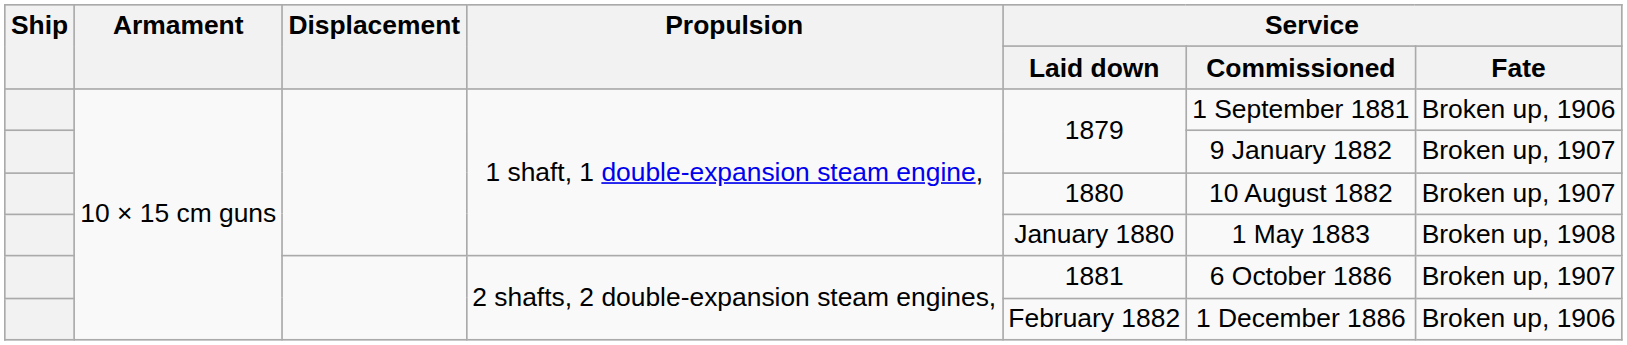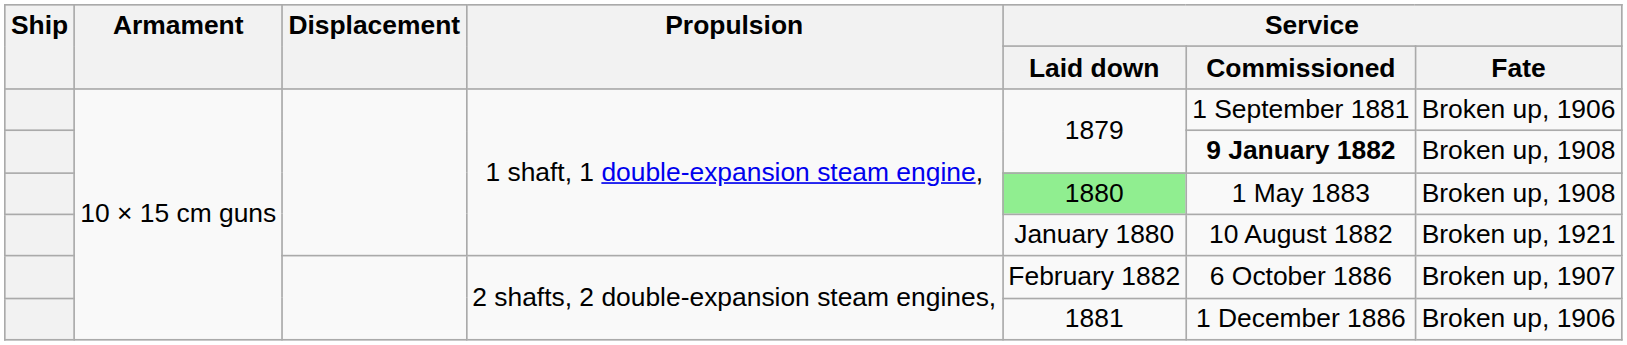 <table class="wikitable plainrowheaders" style="text-align: center;">
 <tr valign="top">
 <th scope="col" rowspan="2">Ship</th>
 <th scope="col" rowspan="2">Armament</th>
 <th scope="col" rowspan="2">Displacement</th>
 <th scope="col" rowspan="2">Propulsion</th>
 <th scope="col" colspan="3">Service</th>
 </tr>
 <tr valign="top">
 <th scope="col">Laid down</th>
 <th scope="col">Commissioned</th>
 <th scope="col">Fate</th>
 </tr>
 <tr valign="center">
 <th scope="row"></th>
 <td rowspan="6">10 × 15 cm guns</td>
 <td rowspan="4"></td>
 <td rowspan="4">1 shaft, 1 <a href='#'>double-expansion steam engine</a>, </td>
 <td rowspan=2>1879</td>
 <td>1 September 1881</td>
 <td>Broken up, 1906</td>
 </tr>
 <tr valign="center">
 <th scope="row"></th>
-<td>9 January 1882</td>
-<td>Broken up, 1907</td>
+<td><strong>9 January 1882</strong></td>
+<td>Broken up, 1908</td>
 </tr>
 <tr valign="center">
 <th scope="row"></th>
-<td>1880</td>
-<td>10 August 1882</td>
-<td>Broken up, 1907</td>
-</tr>
-<tr valign="center">
-<th scope="row"></th>
-<td>January 1880</td>
+<td style="background: lightgreen;">1880</td>
 <td>1 May 1883</td>
 <td>Broken up, 1908</td>
 </tr>
 <tr valign="center">
 <th scope="row"></th>
+<td>January 1880</td>
+<td>10 August 1882</td>
+<td>Broken up, 1921</td>
+</tr>
+<tr valign="center">
+<th scope="row"></th>
 <td rowspan="2"></td>
 <td rowspan="2">2 shafts, 2 double-expansion steam engines, </td>
-<td>1881</td>
+<td>February 1882</td>
 <td>6 October 1886</td>
 <td>Broken up, 1907</td>
 </tr>
 <tr valign="center">
 <th scope="row"></th>
-<td>February 1882</td>
+<td>1881</td>
 <td>1 December 1886</td>
 <td>Broken up, 1906</td>
 </tr>
 </table>
